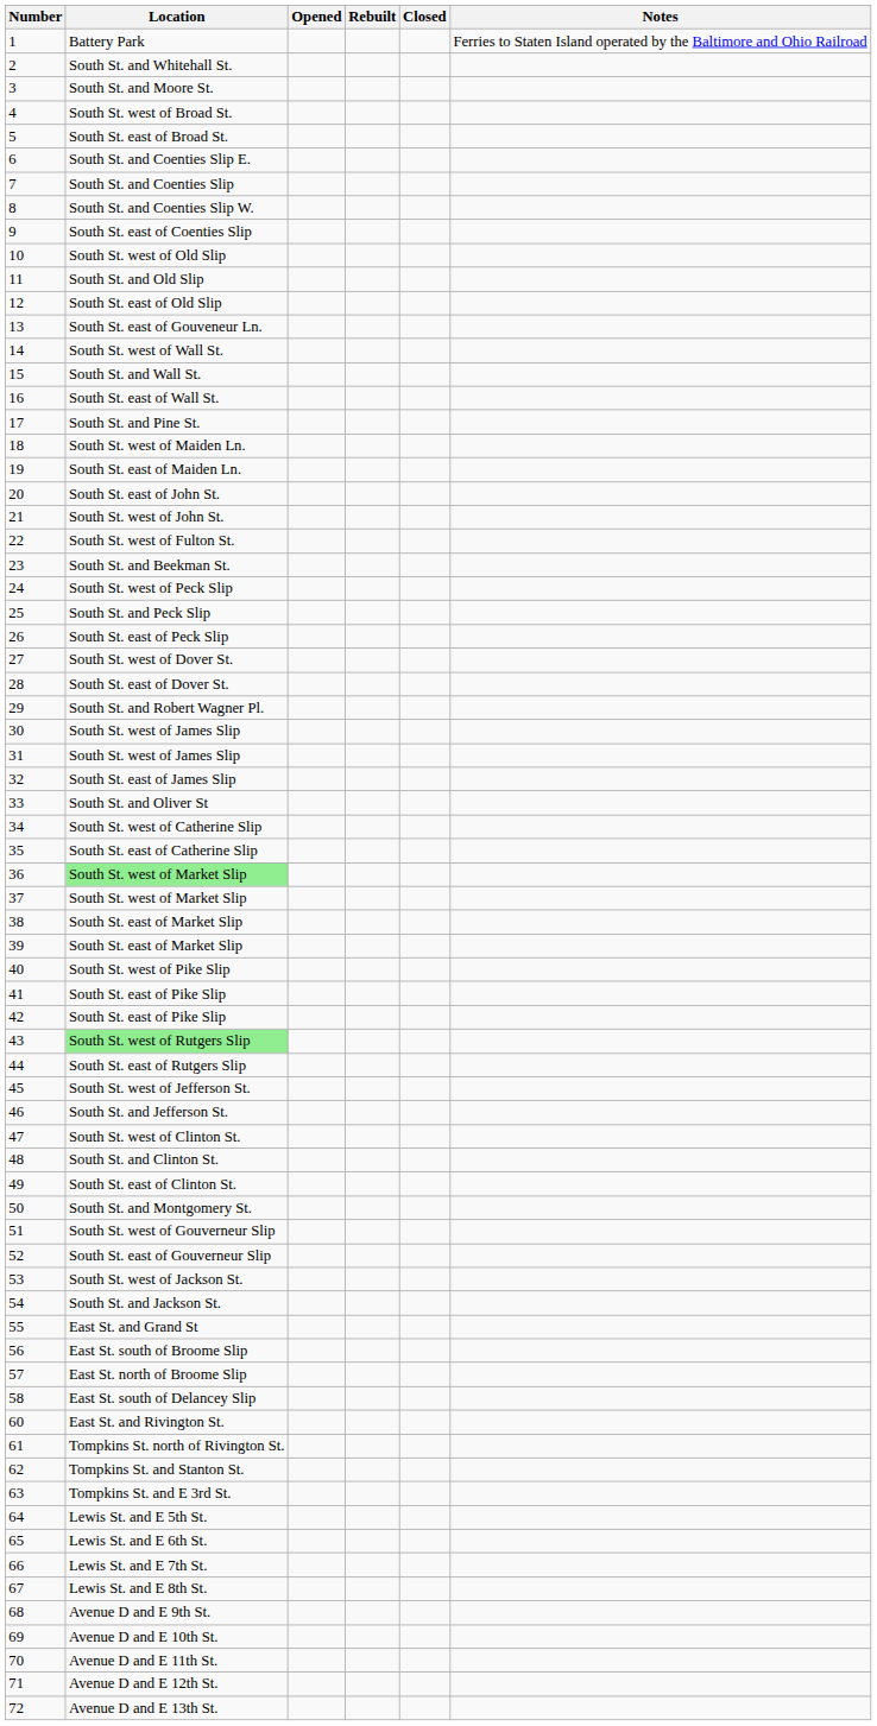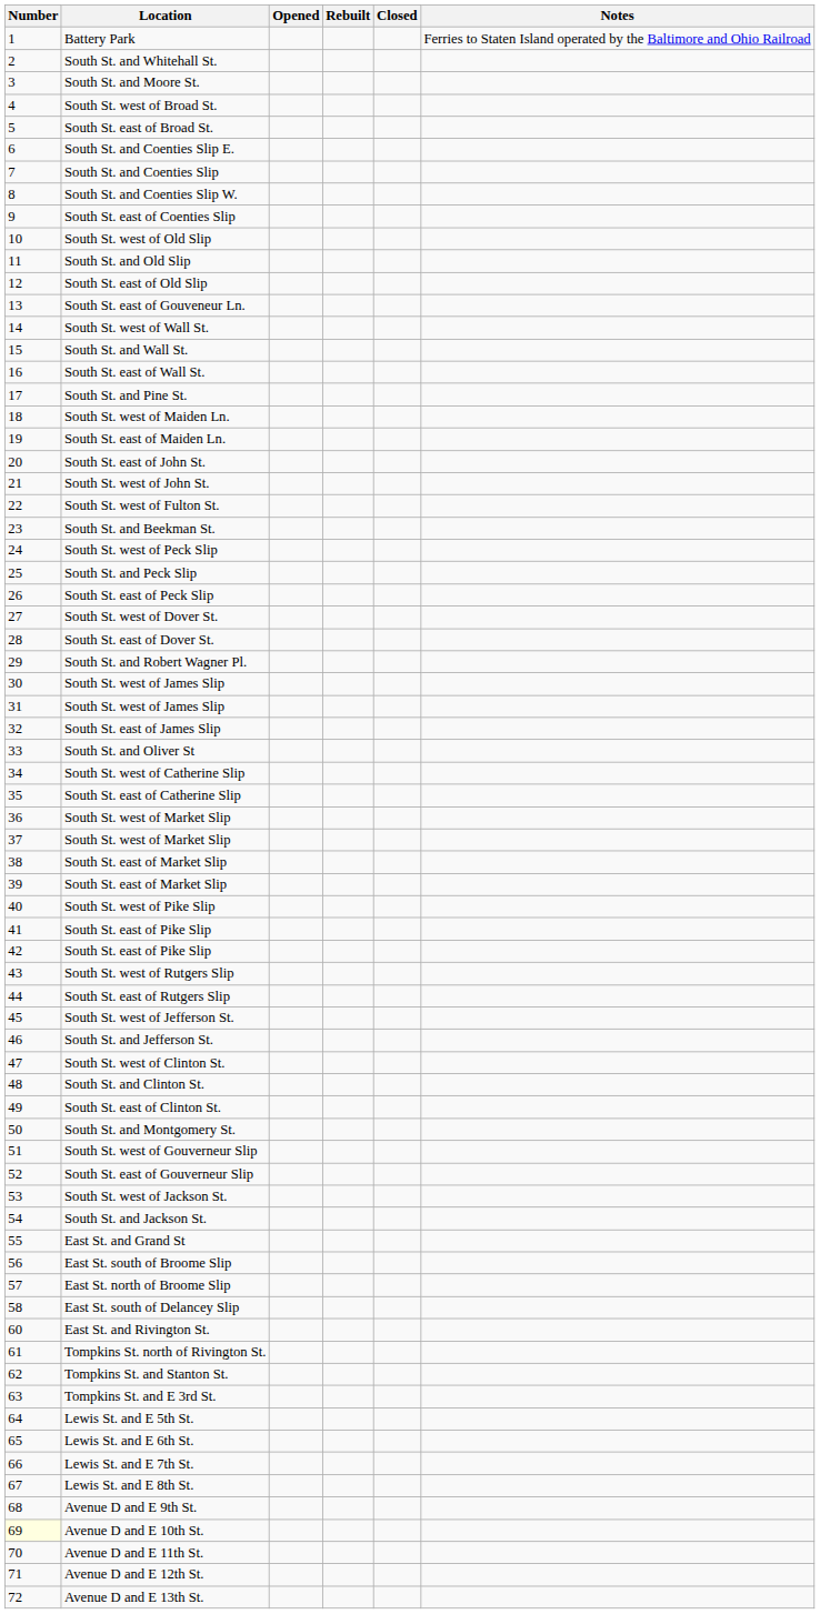 <table class="wikitable sortable plainrowheaders">
 <tr>
 <th scope="col">Number</th>
 <th scope="col">Location</th>
 <th scope="col">Opened</th>
 <th scope="col">Rebuilt</th>
 <th scope="col">Closed</th>
 <th scope="col">Notes</th>
 </tr>
 <tr>
 <td>1</td>
 <td>Battery Park</td>
 <td></td>
 <td></td>
 <td></td>
 <td>Ferries to Staten Island operated by the <a href='#'>Baltimore and Ohio Railroad</a></td>
 </tr>
 <tr>
 <td>2</td>
 <td>South St. and Whitehall St.</td>
 <td></td>
 <td></td>
 <td></td>
 <td></td>
 </tr>
 <tr>
 <td>3</td>
 <td>South St. and Moore St.</td>
 <td></td>
 <td></td>
 <td></td>
 <td></td>
 </tr>
 <tr>
 <td>4</td>
 <td>South St. west of Broad St.</td>
 <td></td>
 <td></td>
 <td></td>
 <td></td>
 </tr>
 <tr>
 <td>5</td>
 <td>South St. east of Broad St.</td>
 <td></td>
 <td></td>
 <td></td>
 <td></td>
 </tr>
 <tr>
 <td>6</td>
 <td>South St. and Coenties Slip E.</td>
 <td></td>
 <td></td>
 <td></td>
 <td></td>
 </tr>
 <tr>
 <td>7</td>
 <td>South St. and Coenties Slip</td>
 <td></td>
 <td></td>
 <td></td>
 <td></td>
 </tr>
 <tr>
 <td>8</td>
 <td>South St. and Coenties Slip W.</td>
 <td></td>
 <td></td>
 <td></td>
 <td></td>
 </tr>
 <tr>
 <td>9</td>
 <td>South St. east of Coenties Slip</td>
 <td></td>
 <td></td>
 <td></td>
 <td></td>
 </tr>
 <tr>
 <td>10</td>
 <td>South St. west of Old Slip</td>
 <td></td>
 <td></td>
 <td></td>
 <td></td>
 </tr>
 <tr>
 <td>11</td>
 <td>South St. and Old Slip</td>
 <td></td>
 <td></td>
 <td></td>
 <td></td>
 </tr>
 <tr>
 <td>12</td>
 <td>South St. east of Old Slip</td>
 <td></td>
 <td></td>
 <td></td>
 <td></td>
 </tr>
 <tr>
 <td>13</td>
 <td>South St. east of Gouveneur Ln.</td>
 <td></td>
 <td></td>
 <td></td>
 <td></td>
 </tr>
 <tr>
 <td>14</td>
 <td>South St. west of Wall St.</td>
 <td></td>
 <td></td>
 <td></td>
 <td></td>
 </tr>
 <tr>
 <td>15</td>
 <td>South St. and Wall St.</td>
 <td></td>
 <td></td>
 <td></td>
 <td></td>
 </tr>
 <tr>
 <td>16</td>
 <td>South St. east of Wall St.</td>
 <td></td>
 <td></td>
 <td></td>
 <td></td>
 </tr>
 <tr>
 <td>17</td>
 <td>South St. and Pine St.</td>
 <td></td>
 <td></td>
 <td></td>
 <td></td>
 </tr>
 <tr>
 <td>18</td>
 <td>South St. west of Maiden Ln.</td>
 <td></td>
 <td></td>
 <td></td>
 <td></td>
 </tr>
 <tr>
 <td>19</td>
 <td>South St. east of Maiden Ln.</td>
 <td></td>
 <td></td>
 <td></td>
 <td></td>
 </tr>
 <tr>
 <td>20</td>
 <td>South St. east of John St.</td>
 <td></td>
 <td></td>
 <td></td>
 <td></td>
 </tr>
 <tr>
 <td>21</td>
 <td>South St. west of John St.</td>
 <td></td>
 <td></td>
 <td></td>
 <td></td>
 </tr>
 <tr>
 <td>22</td>
 <td>South St. west of Fulton St.</td>
 <td></td>
 <td></td>
 <td></td>
 <td></td>
 </tr>
 <tr>
 <td>23</td>
 <td>South St. and Beekman St.</td>
 <td></td>
 <td></td>
 <td></td>
 <td></td>
 </tr>
 <tr>
 <td>24</td>
 <td>South St. west of Peck Slip</td>
 <td></td>
 <td></td>
 <td></td>
 <td></td>
 </tr>
 <tr>
 <td>25</td>
 <td>South St. and Peck Slip</td>
 <td></td>
 <td></td>
 <td></td>
 <td></td>
 </tr>
 <tr>
 <td>26</td>
 <td>South St. east of Peck Slip</td>
 <td></td>
 <td></td>
 <td></td>
 <td></td>
 </tr>
 <tr>
 <td>27</td>
 <td>South St. west of Dover St.</td>
 <td></td>
 <td></td>
 <td></td>
 <td></td>
 </tr>
 <tr>
 <td>28</td>
 <td>South St. east of Dover St.</td>
 <td></td>
 <td></td>
 <td></td>
 <td></td>
 </tr>
 <tr>
 <td>29</td>
 <td>South St. and  Robert Wagner Pl.</td>
 <td></td>
 <td></td>
 <td></td>
 <td></td>
 </tr>
 <tr>
 <td>30</td>
 <td>South St. west of James Slip</td>
 <td></td>
 <td></td>
 <td></td>
 <td></td>
 </tr>
 <tr>
 <td>31</td>
 <td>South St. west of James Slip</td>
 <td></td>
 <td></td>
 <td></td>
 <td></td>
 </tr>
 <tr>
 <td>32</td>
 <td>South St. east of James Slip</td>
 <td></td>
 <td></td>
 <td></td>
 <td></td>
 </tr>
 <tr>
 <td>33</td>
 <td>South St. and Oliver St</td>
 <td></td>
 <td></td>
 <td></td>
 <td></td>
 </tr>
 <tr>
 <td>34</td>
 <td>South St. west of Catherine Slip</td>
 <td></td>
 <td></td>
 <td></td>
 <td></td>
 </tr>
 <tr>
 <td>35</td>
 <td>South St. east of Catherine Slip</td>
 <td></td>
 <td></td>
 <td></td>
 <td></td>
 </tr>
 <tr>
 <td>36</td>
-<td style="background: lightgreen;">South St. west of Market Slip</td>
+<td>South St. west of Market Slip</td>
 <td></td>
 <td></td>
 <td></td>
 <td></td>
 </tr>
 <tr>
 <td>37</td>
 <td>South St. west of Market Slip</td>
 <td></td>
 <td></td>
 <td></td>
 <td></td>
 </tr>
 <tr>
 <td>38</td>
 <td>South St. east of Market Slip</td>
 <td></td>
 <td></td>
 <td></td>
 <td></td>
 </tr>
 <tr>
 <td>39</td>
 <td>South St. east of Market Slip</td>
 <td></td>
 <td></td>
 <td></td>
 <td></td>
 </tr>
 <tr>
 <td>40</td>
 <td>South St. west of Pike Slip</td>
 <td></td>
 <td></td>
 <td></td>
 <td></td>
 </tr>
 <tr>
 <td>41</td>
 <td>South St. east of Pike Slip</td>
 <td></td>
 <td></td>
 <td></td>
 <td></td>
 </tr>
 <tr>
 <td>42</td>
 <td>South St. east of Pike Slip</td>
 <td></td>
 <td></td>
 <td></td>
 <td></td>
 </tr>
 <tr>
 <td>43</td>
-<td style="background: lightgreen;">South St. west of Rutgers Slip</td>
+<td>South St. west of Rutgers Slip</td>
 <td></td>
 <td></td>
 <td></td>
 <td></td>
 </tr>
 <tr>
 <td>44</td>
 <td>South St. east of Rutgers Slip</td>
 <td></td>
 <td></td>
 <td></td>
 <td></td>
 </tr>
 <tr>
 <td>45</td>
 <td>South St. west of Jefferson St.</td>
 <td></td>
 <td></td>
 <td></td>
 <td></td>
 </tr>
 <tr>
 <td>46</td>
 <td>South St. and Jefferson St.</td>
 <td></td>
 <td></td>
 <td></td>
 <td></td>
 </tr>
 <tr>
 <td>47</td>
 <td>South St. west of Clinton St.</td>
 <td></td>
 <td></td>
 <td></td>
 <td></td>
 </tr>
 <tr>
 <td>48</td>
 <td>South St. and Clinton St.</td>
 <td></td>
 <td></td>
 <td></td>
 <td></td>
 </tr>
 <tr>
 <td>49</td>
 <td>South St. east of Clinton St.</td>
 <td></td>
 <td></td>
 <td></td>
 <td></td>
 </tr>
 <tr>
 <td>50</td>
 <td>South St. and Montgomery St.</td>
 <td></td>
 <td></td>
 <td></td>
 <td></td>
 </tr>
 <tr>
 <td>51</td>
 <td>South St. west of Gouverneur Slip</td>
 <td></td>
 <td></td>
 <td></td>
 <td></td>
 </tr>
 <tr>
 <td>52</td>
 <td>South St. east of Gouverneur Slip</td>
 <td></td>
 <td></td>
 <td></td>
 <td></td>
 </tr>
 <tr>
 <td>53</td>
 <td>South St. west of Jackson St.</td>
 <td></td>
 <td></td>
 <td></td>
 <td></td>
 </tr>
 <tr>
 <td>54</td>
 <td>South St. and Jackson St.</td>
 <td></td>
 <td></td>
 <td></td>
 <td></td>
 </tr>
 <tr>
 <td>55</td>
 <td>East St. and Grand St</td>
 <td></td>
 <td></td>
 <td></td>
 <td></td>
 </tr>
 <tr>
 <td>56</td>
 <td>East St. south of Broome Slip</td>
 <td></td>
 <td></td>
 <td></td>
 <td></td>
 </tr>
 <tr>
 <td>57</td>
 <td>East St. north of Broome Slip</td>
 <td></td>
 <td></td>
 <td></td>
 <td></td>
 </tr>
 <tr>
 <td>58</td>
 <td>East St. south of Delancey Slip</td>
 <td></td>
 <td></td>
 <td></td>
 <td></td>
 </tr>
 <tr>
 <td>60</td>
 <td>East St. and Rivington St.</td>
 <td></td>
 <td></td>
 <td></td>
 <td></td>
 </tr>
 <tr>
 <td>61</td>
 <td>Tompkins St. north of Rivington St.</td>
 <td></td>
 <td></td>
 <td></td>
 <td></td>
 </tr>
 <tr>
 <td>62</td>
 <td>Tompkins St. and Stanton St.</td>
 <td></td>
 <td></td>
 <td></td>
 <td></td>
 </tr>
 <tr>
 <td>63</td>
 <td>Tompkins St. and E 3rd St.</td>
 <td></td>
 <td></td>
 <td></td>
 <td></td>
 </tr>
 <tr>
 <td>64</td>
 <td>Lewis St. and E 5th St.</td>
 <td></td>
 <td></td>
 <td></td>
 <td></td>
 </tr>
 <tr>
 <td>65</td>
 <td>Lewis St. and E 6th St.</td>
 <td></td>
 <td></td>
 <td></td>
 <td></td>
 </tr>
 <tr>
 <td>66</td>
 <td>Lewis St. and E 7th St.</td>
 <td></td>
 <td></td>
 <td></td>
 <td></td>
 </tr>
 <tr>
 <td>67</td>
 <td>Lewis St. and E 8th St.</td>
 <td></td>
 <td></td>
 <td></td>
 <td></td>
 </tr>
 <tr>
 <td>68</td>
 <td>Avenue D and E 9th St.</td>
 <td></td>
 <td></td>
 <td></td>
 <td></td>
 </tr>
 <tr>
-<td>69</td>
+<td style="background: lightyellow;">69</td>
 <td>Avenue D and E 10th St.</td>
 <td></td>
 <td></td>
 <td></td>
 <td></td>
 </tr>
 <tr>
 <td>70</td>
 <td>Avenue D and E 11th St.</td>
 <td></td>
 <td></td>
 <td></td>
 <td></td>
 </tr>
 <tr>
 <td>71</td>
 <td>Avenue D and E 12th St.</td>
 <td></td>
 <td></td>
 <td></td>
 <td></td>
 </tr>
 <tr>
 <td>72</td>
 <td>Avenue D and E 13th St.</td>
 <td></td>
 <td></td>
 <td></td>
 <td></td>
 </tr>
 </table>
